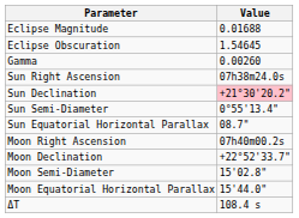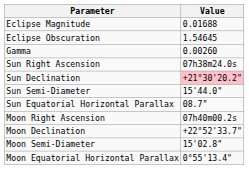 <table class="wikitable">
 <tr>
 <th>Parameter</th>
 <th>Value</th>
 </tr>
 <tr>
 <td>Eclipse Magnitude</td>
 <td>0.01688</td>
 </tr>
 <tr>
 <td>Eclipse Obscuration</td>
 <td>1.54645</td>
 </tr>
 <tr>
 <td>Gamma</td>
 <td>0.00260</td>
 </tr>
 <tr>
 <td>Sun Right Ascension</td>
 <td>07h38m24.0s</td>
 </tr>
 <tr>
 <td>Sun Declination</td>
 <td style="background: pink;">+21°30'20.2"</td>
 </tr>
 <tr>
 <td>Sun Semi-Diameter</td>
-<td>0°55'13.4"</td>
+<td>15'44.0"</td>
 </tr>
 <tr>
 <td>Sun Equatorial Horizontal Parallax</td>
 <td>08.7"</td>
 </tr>
 <tr>
 <td>Moon Right Ascension</td>
 <td>07h40m00.2s</td>
 </tr>
 <tr>
 <td>Moon Declination</td>
 <td>+22°52'33.7"</td>
 </tr>
 <tr>
 <td>Moon Semi-Diameter</td>
 <td>15'02.8"</td>
 </tr>
 <tr>
 <td>Moon Equatorial Horizontal Parallax</td>
-<td>15'44.0"</td>
-</tr>
-<tr>
-<td>ΔT</td>
-<td>108.4 s</td>
+<td>0°55'13.4"</td>
 </tr>
 </table>
